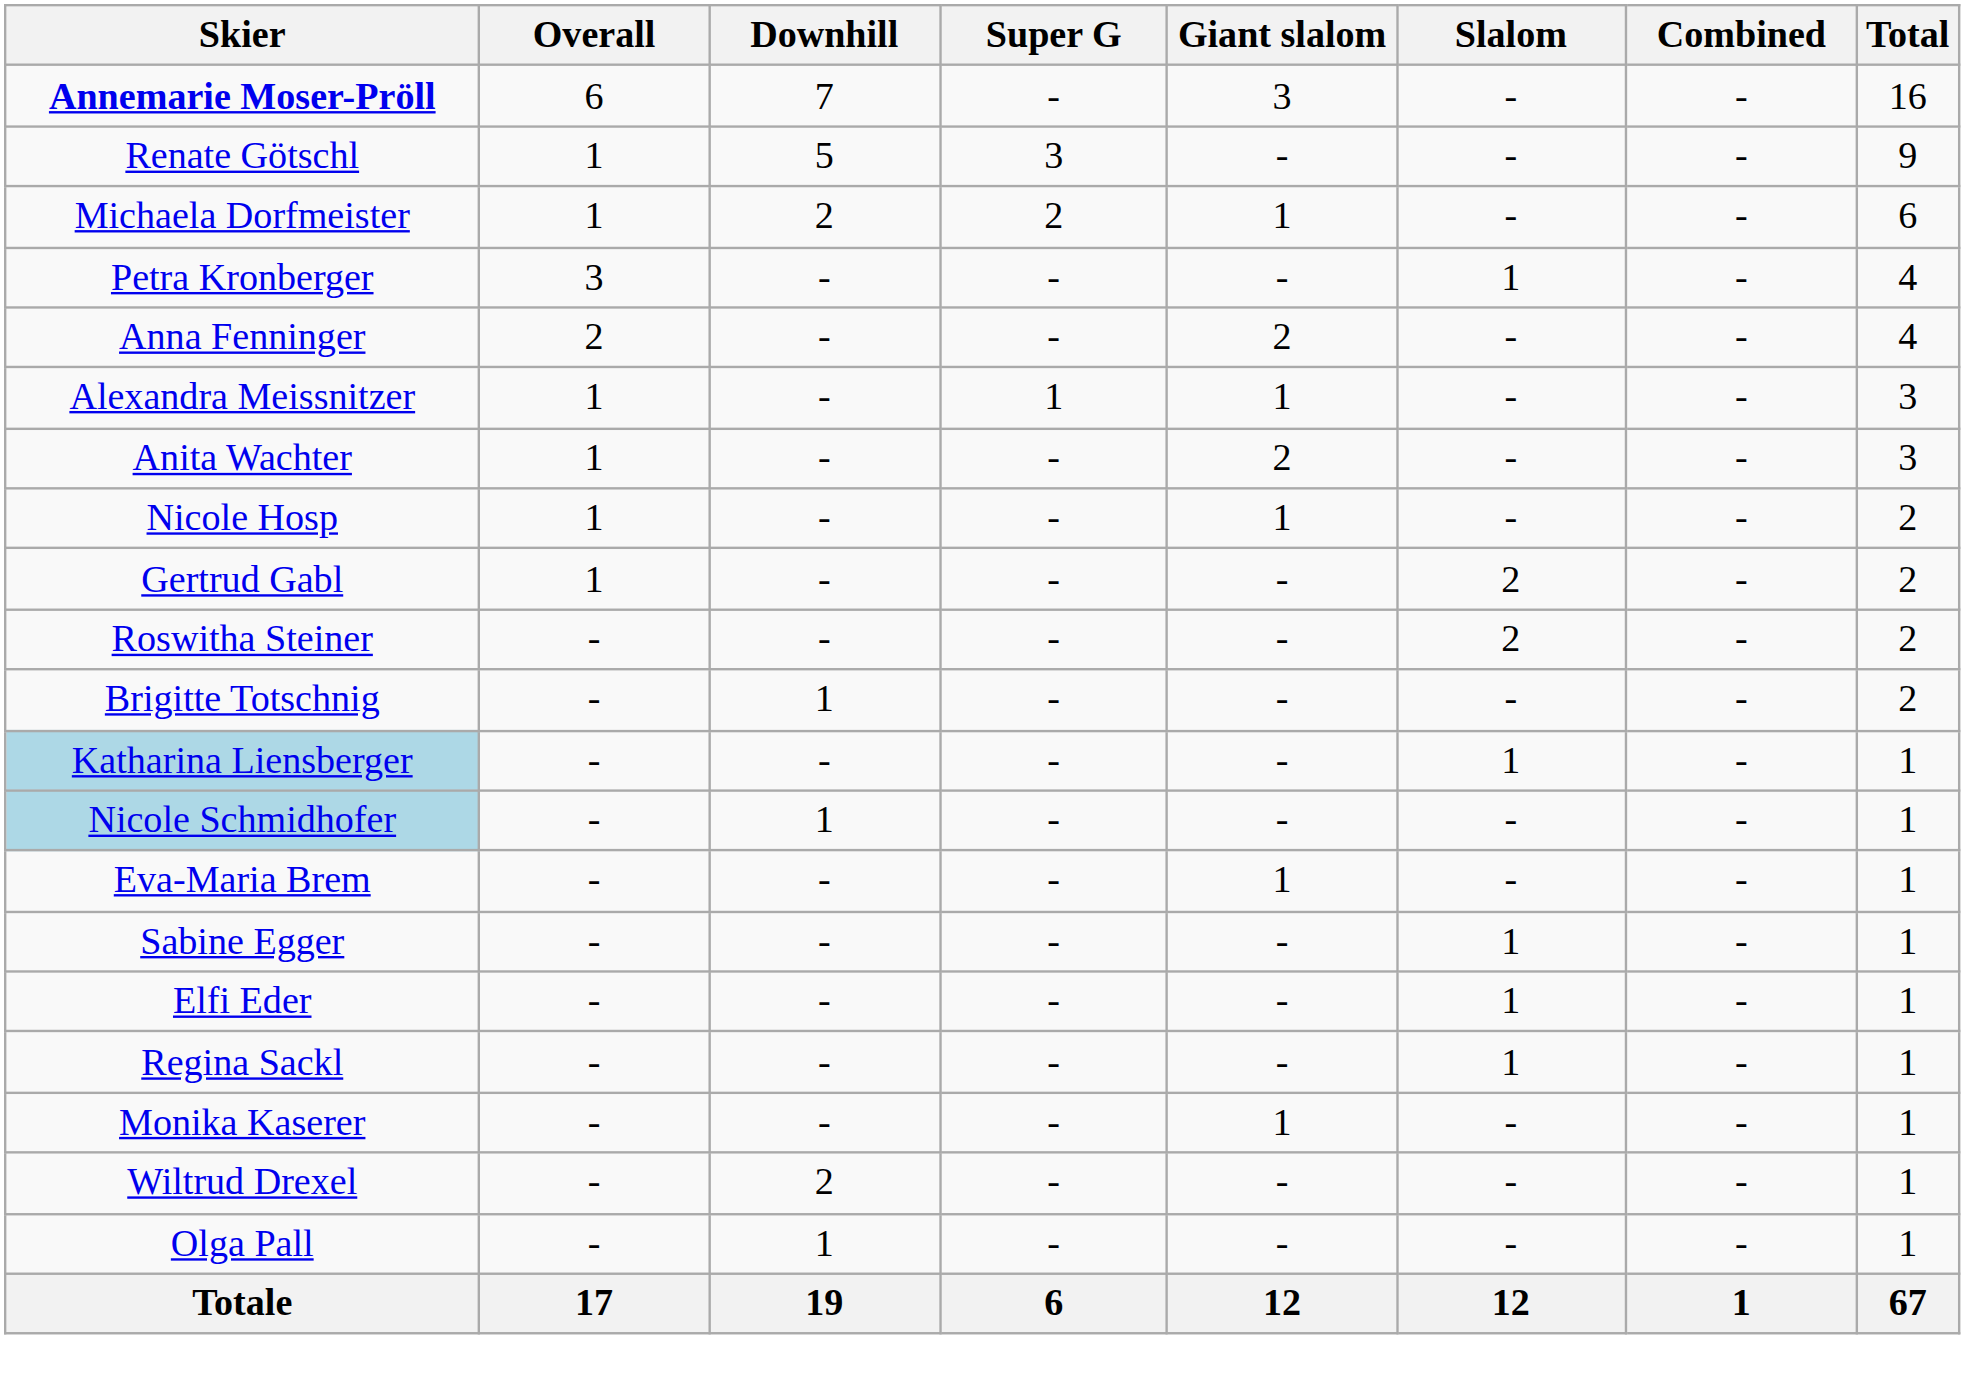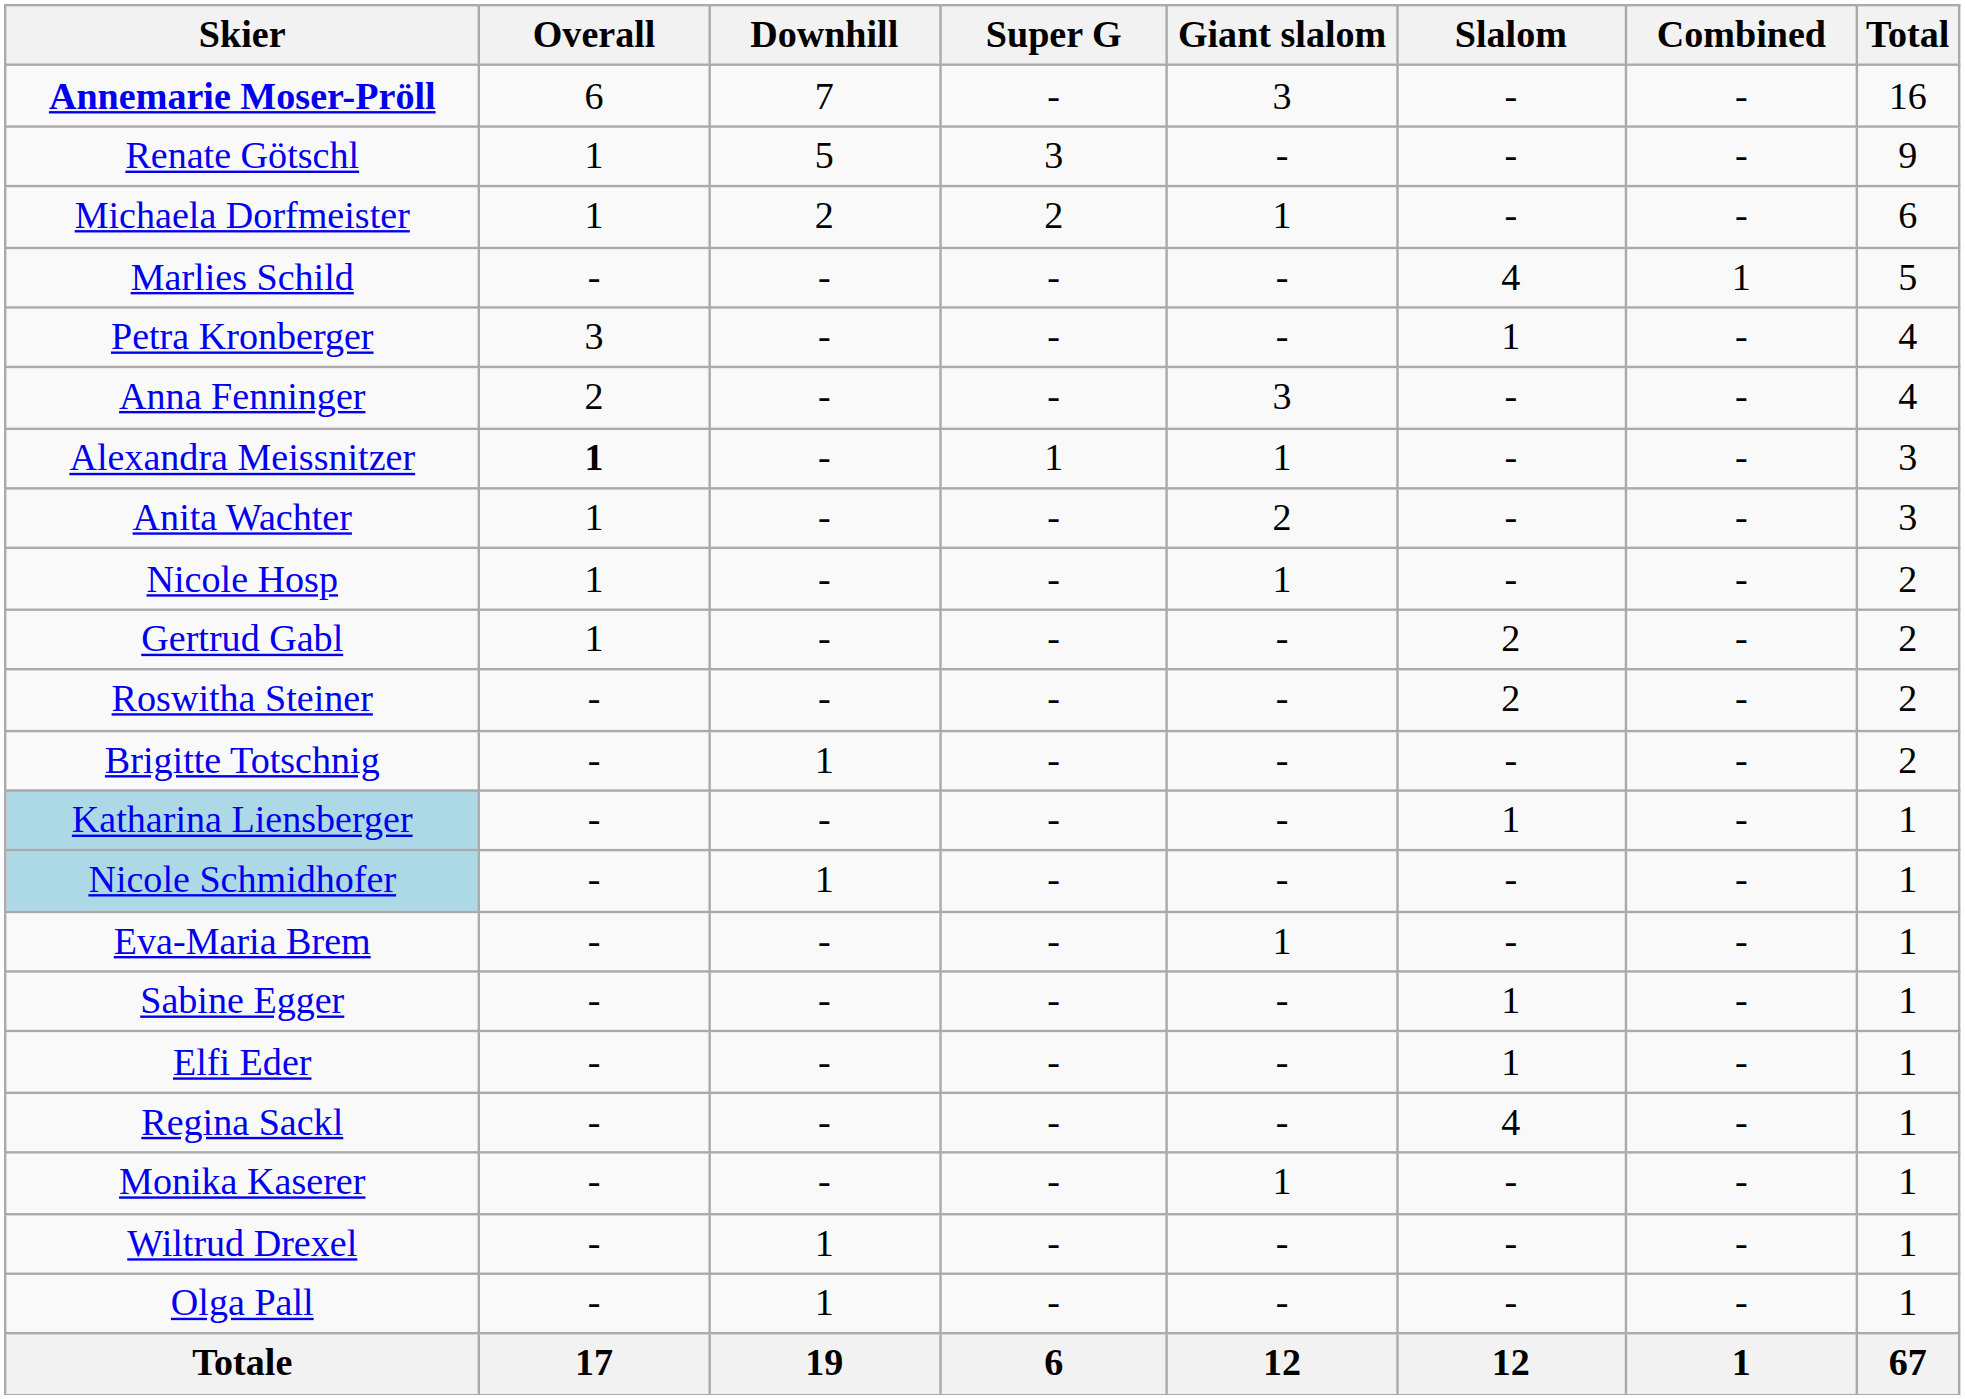 <table class="wikitable" width=65% style="font-size:100%; text-align:center;">
 <tr>
 <th style="width:25%">Skier</th>
 <th style="width:12%">Overall</th>
 <th style="width:12%">Downhill</th>
 <th style="width:12%">Super G</th>
 <th style="width:12%">Giant slalom</th>
 <th style="width:12%">Slalom</th>
 <th style="width:12%">Combined</th>
 <th style="width:12%">Total</th>
 </tr>
 <tr>
 <td><strong><a href='#'>Annemarie Moser-Pröll</a></strong></td>
 <td align=center>6</td>
 <td align=center>7</td>
 <td align=center>-</td>
 <td align=center>3</td>
 <td align=center>-</td>
 <td align=center>-</td>
 <td align=center>16</td>
 </tr>
 <tr>
 <td><a href='#'>Renate Götschl</a></td>
 <td align=center>1</td>
 <td align=center>5</td>
 <td align=center>3</td>
 <td align=center>-</td>
 <td align=center>-</td>
 <td align=center>-</td>
 <td align=center>9</td>
 </tr>
 <tr>
 <td><a href='#'>Michaela Dorfmeister</a></td>
 <td align=center>1</td>
 <td align=center>2</td>
 <td align=center>2</td>
 <td align=center>1</td>
 <td align=center>-</td>
 <td align=center>-</td>
 <td align=center>6</td>
 </tr>
 <tr>
+<td><a href='#'>Marlies Schild</a></td>
+<td align=center>-</td>
+<td align=center>-</td>
+<td align=center>-</td>
+<td align=center>-</td>
+<td align=center>4</td>
+<td align=center>1</td>
+<td align=center>5</td>
+</tr>
+<tr>
 <td><a href='#'>Petra Kronberger</a></td>
 <td align=center>3</td>
 <td align=center>-</td>
 <td align=center>-</td>
 <td align=center>-</td>
 <td align=center>1</td>
 <td align=center>-</td>
 <td align=center>4</td>
 </tr>
 <tr>
 <td><a href='#'>Anna Fenninger</a></td>
 <td align=center>2</td>
 <td align=center>-</td>
 <td align=center>-</td>
-<td align=center>2</td>
+<td align=center>3</td>
 <td align=center>-</td>
 <td align=center>-</td>
 <td align=center>4</td>
 </tr>
 <tr>
 <td><a href='#'>Alexandra Meissnitzer</a></td>
-<td align=center>1</td>
+<td align=center><strong>1</strong></td>
 <td align=center>-</td>
 <td align=center>1</td>
 <td align=center>1</td>
 <td align=center>-</td>
 <td align=center>-</td>
 <td align=center>3</td>
 </tr>
 <tr>
 <td><a href='#'>Anita Wachter</a></td>
 <td align=center>1</td>
 <td align=center>-</td>
 <td align=center>-</td>
 <td align=center>2</td>
 <td align=center>-</td>
 <td align=center>-</td>
 <td align=center>3</td>
 </tr>
 <tr>
 <td><a href='#'>Nicole Hosp</a></td>
 <td align=center>1</td>
 <td align=center>-</td>
 <td align=center>-</td>
 <td align=center>1</td>
 <td align=center>-</td>
 <td align=center>-</td>
 <td align=center>2</td>
 </tr>
 <tr>
 <td><a href='#'>Gertrud Gabl</a></td>
 <td align=center>1</td>
 <td align=center>-</td>
 <td align=center>-</td>
 <td align=center>-</td>
 <td align=center>2</td>
 <td align=center>-</td>
 <td align=center>2</td>
 </tr>
 <tr>
 <td><a href='#'>Roswitha Steiner</a></td>
 <td align=center>-</td>
 <td align=center>-</td>
 <td align=center>-</td>
 <td align=center>-</td>
 <td align=center>2</td>
 <td align=center>-</td>
 <td align=center>2</td>
 </tr>
 <tr>
 <td><a href='#'>Brigitte Totschnig</a></td>
 <td align=center>-</td>
 <td align=center>1</td>
 <td align=center>-</td>
 <td align=center>-</td>
 <td align=center>-</td>
 <td align=center>-</td>
 <td align=center>2</td>
 </tr>
 <tr>
 <td bgcolor=lightblue><a href='#'>Katharina Liensberger</a></td>
 <td align=center>-</td>
 <td align=center>-</td>
 <td align=center>-</td>
 <td align=center>-</td>
 <td align=center>1</td>
 <td align=center>-</td>
 <td align=center>1</td>
 </tr>
 <tr>
 <td bgcolor=lightblue><a href='#'>Nicole Schmidhofer</a></td>
 <td align=center>-</td>
 <td align=center>1</td>
 <td align=center>-</td>
 <td align=center>-</td>
 <td align=center>-</td>
 <td align=center>-</td>
 <td align=center>1</td>
 </tr>
 <tr>
 <td><a href='#'>Eva-Maria Brem</a></td>
 <td align=center>-</td>
 <td align=center>-</td>
 <td align=center>-</td>
 <td align=center>1</td>
 <td align=center>-</td>
 <td align=center>-</td>
 <td align=center>1</td>
 </tr>
 <tr>
 <td><a href='#'>Sabine Egger</a></td>
 <td align=center>-</td>
 <td align=center>-</td>
 <td align=center>-</td>
 <td align=center>-</td>
 <td align=center>1</td>
 <td align=center>-</td>
 <td align=center>1</td>
 </tr>
 <tr>
 <td><a href='#'>Elfi Eder</a></td>
 <td align=center>-</td>
 <td align=center>-</td>
 <td align=center>-</td>
 <td align=center>-</td>
 <td align=center>1</td>
 <td align=center>-</td>
 <td align=center>1</td>
 </tr>
 <tr>
 <td><a href='#'>Regina Sackl</a></td>
 <td align=center>-</td>
 <td align=center>-</td>
 <td align=center>-</td>
 <td align=center>-</td>
-<td align=center>1</td>
+<td align=center>4</td>
 <td align=center>-</td>
 <td align=center>1</td>
 </tr>
 <tr>
 <td><a href='#'>Monika Kaserer</a></td>
 <td align=center>-</td>
 <td align=center>-</td>
 <td align=center>-</td>
 <td align=center>1</td>
 <td align=center>-</td>
 <td align=center>-</td>
 <td align=center>1</td>
 </tr>
 <tr>
 <td><a href='#'>Wiltrud Drexel</a></td>
 <td align=center>-</td>
-<td align=center>2</td>
+<td align=center>1</td>
 <td align=center>-</td>
 <td align=center>-</td>
 <td align=center>-</td>
 <td align=center>-</td>
 <td align=center>1</td>
 </tr>
 <tr>
 <td><a href='#'>Olga Pall</a></td>
 <td align=center>-</td>
 <td align=center>1</td>
 <td align=center>-</td>
 <td align=center>-</td>
 <td align=center>-</td>
 <td align=center>-</td>
 <td align=center>1</td>
 </tr>
 <tr>
 <th>Totale</th>
 <th>17</th>
 <th>19</th>
 <th>6</th>
 <th>12</th>
 <th>12</th>
 <th>1</th>
 <th>67</th>
 </tr>
 </table>
